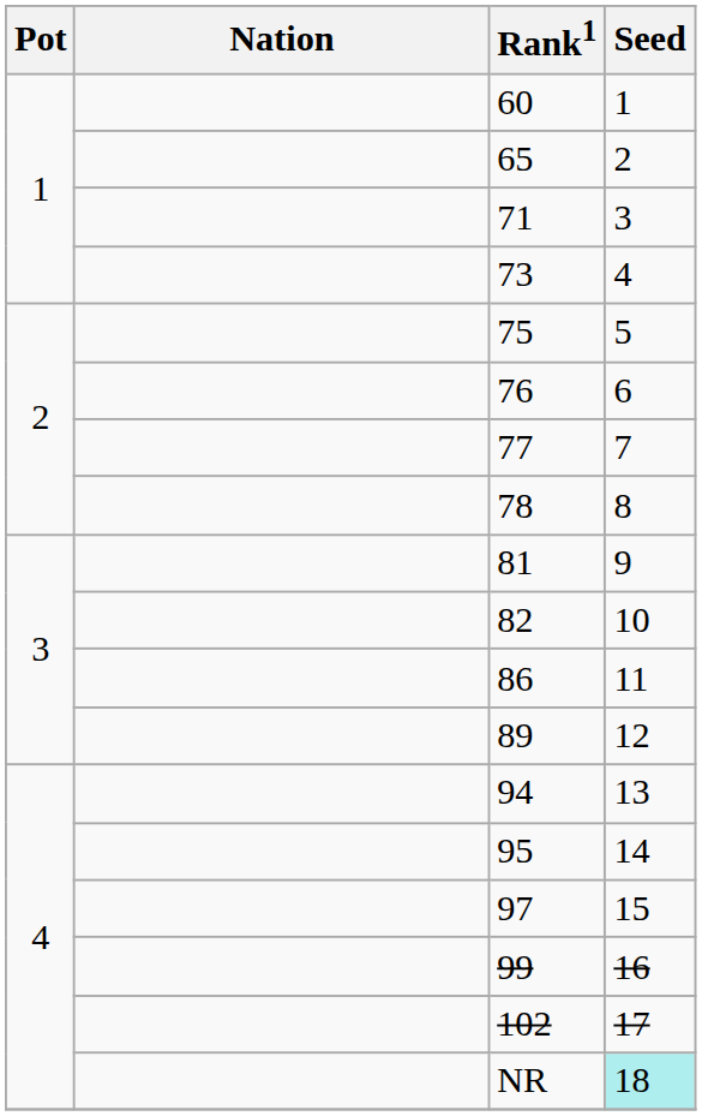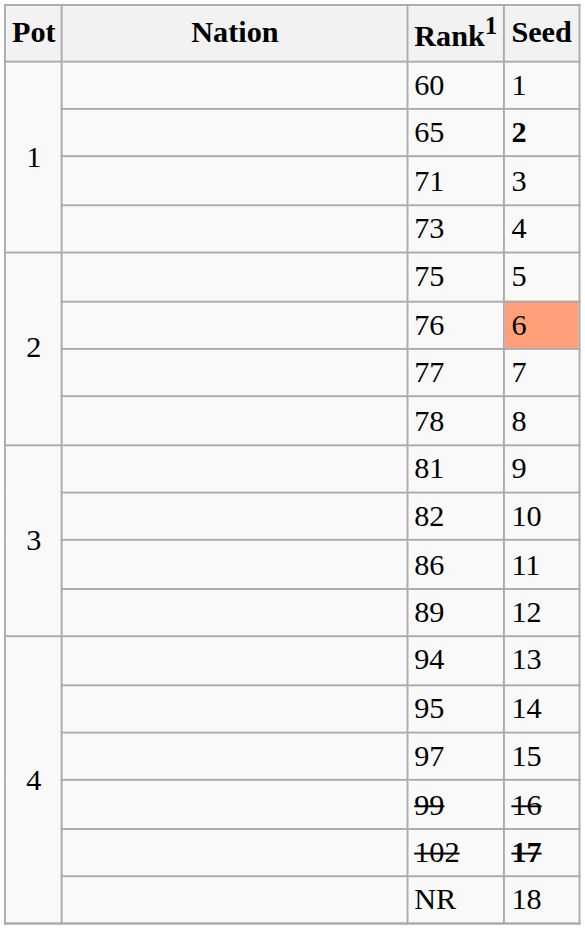 <table class="wikitable">
 <tr>
 <th>Pot</th>
 <th width="175">Nation</th>
 <th>Rank<sup>1</sup></th>
 <th>Seed</th>
 </tr>
 <tr>
 <td rowspan=4 style="text-align:center;">1</td>
 <td></td>
 <td>60</td>
 <td>1</td>
 </tr>
 <tr>
 <td></td>
 <td>65</td>
-<td>2</td>
+<td><strong>2</strong></td>
 </tr>
 <tr>
 <td></td>
 <td>71</td>
 <td>3</td>
 </tr>
 <tr>
 <td></td>
 <td>73</td>
 <td>4</td>
 </tr>
 <tr>
 <td rowspan=4 style="text-align:center;">2</td>
 <td></td>
 <td>75</td>
 <td>5</td>
 </tr>
 <tr>
 <td></td>
 <td>76</td>
-<td>6</td>
+<td style="background: lightsalmon;">6</td>
 </tr>
 <tr>
 <td></td>
 <td>77</td>
 <td>7</td>
 </tr>
 <tr>
 <td></td>
 <td>78</td>
 <td>8</td>
 </tr>
 <tr>
 <td rowspan=4 style="text-align:center;">3</td>
 <td></td>
 <td>81</td>
 <td>9</td>
 </tr>
 <tr>
 <td></td>
 <td>82</td>
 <td>10</td>
 </tr>
 <tr>
 <td></td>
 <td>86</td>
 <td>11</td>
 </tr>
 <tr>
 <td></td>
 <td>89</td>
 <td>12</td>
 </tr>
 <tr>
 <td rowspan=6 style="text-align:center;">4</td>
 <td></td>
 <td>94</td>
 <td>13</td>
 </tr>
 <tr>
 <td></td>
 <td>95</td>
 <td>14</td>
 </tr>
 <tr>
 <td></td>
 <td>97</td>
 <td>15</td>
 </tr>
 <tr>
 <td><s></s></td>
 <td><s>99</s></td>
 <td><s>16</s></td>
 </tr>
 <tr>
 <td><s></s></td>
 <td><s>102</s></td>
-<td><s>17</s></td>
+<td><strong><s>17</s></strong></td>
 </tr>
 <tr>
 <td></td>
 <td>NR</td>
-<td style="background: paleturquoise;">18</td>
+<td>18</td>
 </tr>
 <tr>
 </tr>
 </table>
